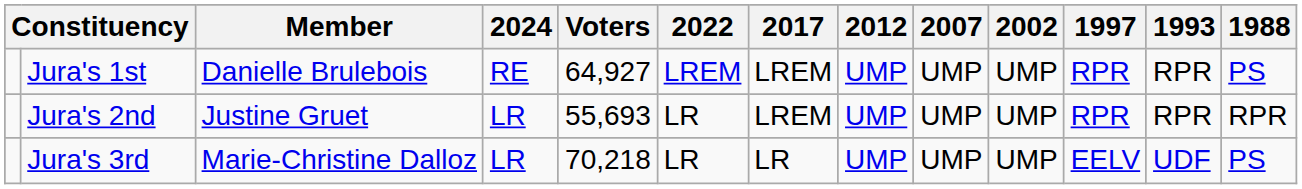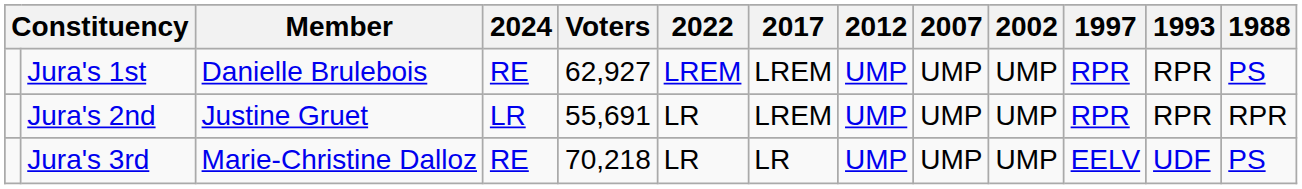 <table class="wikitable sortable">
 <tr>
 <th colspan="2">Constituency</th>
 <th>Member</th>
 <th>2024</th>
 <th>Voters</th>
 <th>2022</th>
 <th>2017</th>
 <th>2012</th>
 <th>2007</th>
 <th>2002</th>
 <th>1997</th>
 <th>1993</th>
 <th>1988</th>
 </tr>
 <tr>
 <td style="background-color: "></td>
 <td><a href='#'>Jura's 1st</a></td>
 <td><a href='#'>Danielle Brulebois</a></td>
 <td><a href='#'>RE</a></td>
-<td>64,927</td>
+<td>62,927</td>
 <td><a href='#'>LREM</a></td>
 <td>LREM</td>
 <td><a href='#'>UMP</a></td>
 <td>UMP</td>
 <td>UMP</td>
 <td><a href='#'>RPR</a></td>
 <td>RPR</td>
 <td><a href='#'>PS</a></td>
 </tr>
 <tr>
 <td style="background-color: "></td>
 <td><a href='#'>Jura's 2nd</a></td>
 <td><a href='#'>Justine Gruet</a></td>
 <td><a href='#'>LR</a></td>
-<td>55,693</td>
+<td>55,691</td>
 <td>LR</td>
 <td>LREM</td>
 <td><a href='#'>UMP</a></td>
 <td>UMP</td>
 <td>UMP</td>
 <td><a href='#'>RPR</a></td>
 <td>RPR</td>
 <td>RPR</td>
 </tr>
 <tr>
 <td style="background-color: "></td>
 <td><a href='#'>Jura's 3rd</a></td>
 <td><a href='#'>Marie-Christine Dalloz</a></td>
-<td><a href='#'>LR</a></td>
+<td><a href='#'>RE</a></td>
 <td>70,218</td>
 <td>LR</td>
 <td>LR</td>
 <td><a href='#'>UMP</a></td>
 <td>UMP</td>
 <td>UMP</td>
 <td><a href='#'>EELV</a></td>
 <td><a href='#'>UDF</a></td>
 <td><a href='#'>PS</a></td>
 </tr>
 </table>
